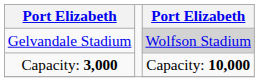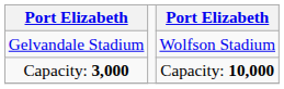 <table class="wikitable" style="text-align:center; margin:0.2em auto;">
 <tr>
 <th><a href='#'>Port Elizabeth</a></th>
 <td rowspan="4"></td>
 <th><a href='#'>Port Elizabeth</a></th>
 </tr>
 <tr>
 <td><a href='#'>Gelvandale Stadium</a></td>
-<td style="background: lightgrey;"><a href='#'>Wolfson Stadium</a></td>
+<td><a href='#'>Wolfson Stadium</a></td>
 </tr>
 <tr>
 <td>Capacity: <strong>3,000</strong></td>
 <td>Capacity: <strong>10,000</strong></td>
 </tr>
 <tr>
 </tr>
 </table>
